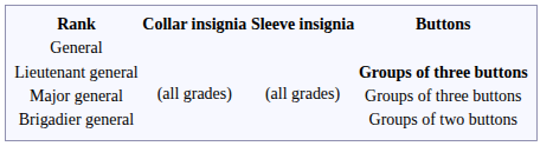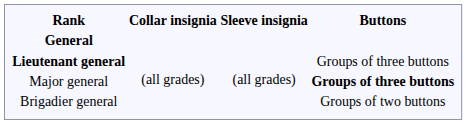 <table style="padding:5px; margin:0 12px 12px 0; border:1px solid #8888aa; background:#f7f8ff; text-align:center; font-size:95%;">
 <tr>
 <th>Rank</th>
 <th>Collar insignia</th>
 <th>Sleeve insignia</th>
 <th>Buttons</th>
 </tr>
 <tr>
-<td>General</td>
+<td><strong>General</strong></td>
 <td rowspan="4"><br>(all grades)</td>
 <td rowspan="4"><br>(all grades)</td>
 </tr>
 <tr>
-<td>Lieutenant general</td>
-<td><strong>Groups of three buttons</strong></td>
+<td><strong>Lieutenant general</strong></td>
+<td>Groups of three buttons</td>
 </tr>
 <tr>
 <td>Major general</td>
-<td>Groups of three buttons</td>
+<td><strong>Groups of three buttons</strong></td>
 </tr>
 <tr>
 <td>Brigadier general</td>
 <td>Groups of two buttons</td>
 </tr>
 <tr>
 </tr>
 </table>
